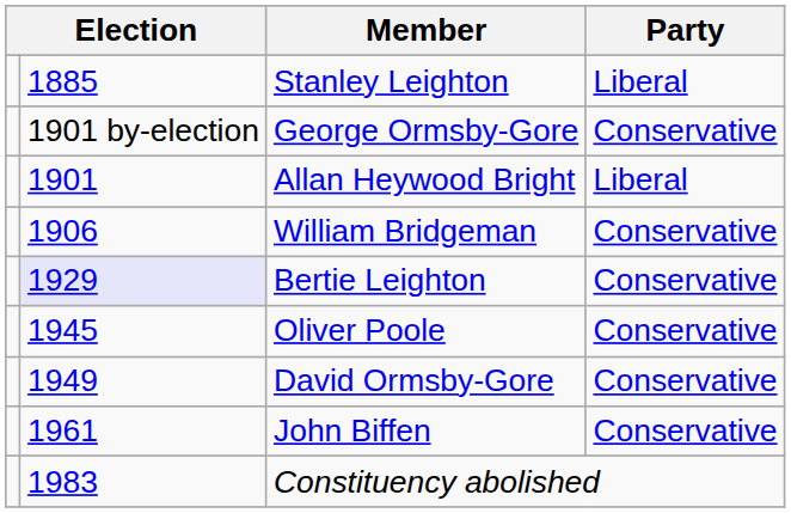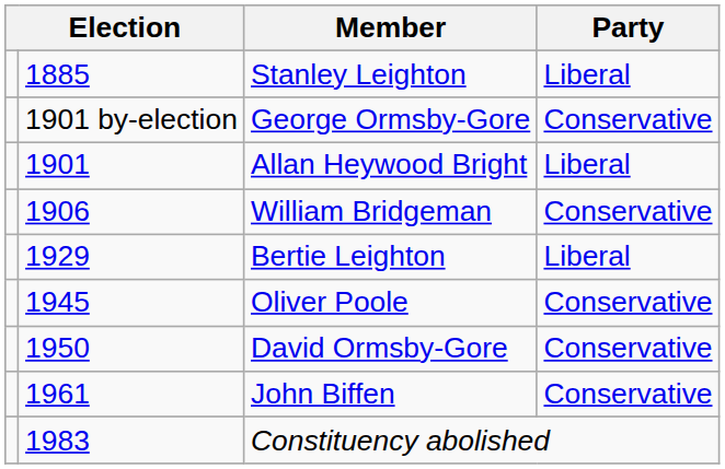 <table class="wikitable">
 <tr>
 <th colspan="2">Election</th>
 <th>Member</th>
 <th>Party</th>
 </tr>
 <tr>
 <td style="color:inherit;background-color: "></td>
 <td><a href='#'>1885</a></td>
 <td><a href='#'>Stanley Leighton</a></td>
 <td><a href='#'>Liberal</a></td>
 </tr>
 <tr>
 <td style="color:inherit;background-color: "></td>
 <td>1901 by-election</td>
 <td><a href='#'>George Ormsby-Gore</a></td>
 <td><a href='#'>Conservative</a></td>
 </tr>
 <tr>
 <td style="color:inherit;background-color: "></td>
 <td><a href='#'>1901</a></td>
 <td><a href='#'>Allan Heywood Bright</a></td>
 <td><a href='#'>Liberal</a></td>
 </tr>
 <tr>
 <td style="color:inherit;background-color: "></td>
 <td><a href='#'>1906</a></td>
 <td><a href='#'>William Bridgeman</a></td>
 <td><a href='#'>Conservative</a></td>
 </tr>
 <tr>
 <td style="color:inherit;background-color: "></td>
-<td style="background: lavender;"><a href='#'>1929</a></td>
+<td><a href='#'>1929</a></td>
 <td><a href='#'>Bertie Leighton</a></td>
-<td><a href='#'>Conservative</a></td>
+<td><a href='#'>Liberal</a></td>
 </tr>
 <tr>
 <td style="color:inherit;background-color: "></td>
 <td><a href='#'>1945</a></td>
 <td><a href='#'>Oliver Poole</a></td>
 <td><a href='#'>Conservative</a></td>
 </tr>
 <tr>
 <td style="color:inherit;background-color: "></td>
-<td><a href='#'>1949</a></td>
+<td><a href='#'>1950</a></td>
 <td><a href='#'>David Ormsby-Gore</a></td>
 <td><a href='#'>Conservative</a></td>
 </tr>
 <tr>
 <td style="color:inherit;background-color: "></td>
 <td><a href='#'>1961</a></td>
 <td><a href='#'>John Biffen</a></td>
 <td><a href='#'>Conservative</a></td>
 </tr>
 <tr>
 <td></td>
 <td><a href='#'>1983</a></td>
 <td colspan="2"><em>Constituency abolished</em></td>
 </tr>
 </table>
